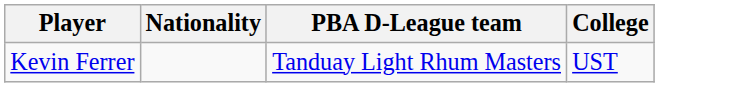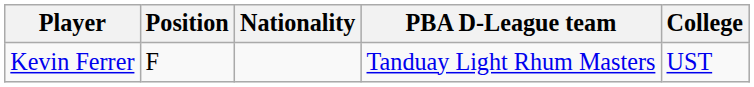 <table class="wikitable sortable sortable">
 <tr>
 <th>Player</th>
+<th>Position</th>
 <th>Nationality</th>
 <th>PBA D-League team</th>
 <th>College</th>
 </tr>
 <tr>
 <td><a href='#'>Kevin Ferrer</a></td>
+<td>F</td>
 <td></td>
 <td><a href='#'>Tanduay Light Rhum Masters</a></td>
 <td><a href='#'>UST</a></td>
 </tr>
 </table>
